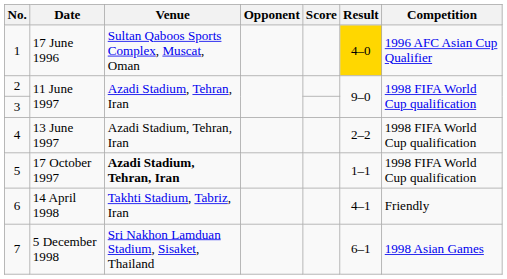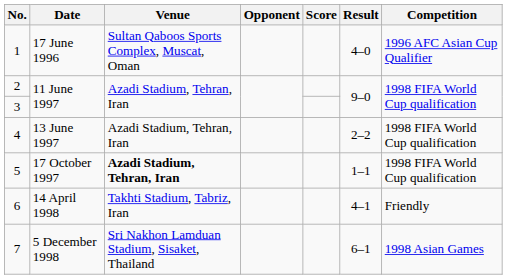 <table class="wikitable sortable">
 <tr>
 <th scope="col">No.</th>
 <th scope="col">Date</th>
 <th scope="col">Venue</th>
 <th scope="col">Opponent</th>
 <th scope="col">Score</th>
 <th scope="col">Result</th>
 <th scope="col">Competition</th>
 </tr>
 <tr>
 <td align="center">1</td>
 <td>17 June 1996</td>
 <td><a href='#'>Sultan Qaboos Sports Complex</a>, <a href='#'>Muscat</a>, Oman</td>
 <td></td>
 <td></td>
-<td align="center" style="background: gold;">4–0</td>
+<td align="center">4–0</td>
 <td><a href='#'>1996 AFC Asian Cup Qualifier</a></td>
 </tr>
 <tr>
 <td align="center">2</td>
 <td rowspan="2">11 June 1997</td>
 <td rowspan="2"><a href='#'>Azadi Stadium</a>, <a href='#'>Tehran</a>, Iran</td>
 <td rowspan="2"></td>
 <td></td>
 <td rowspan="2" style="text-align:center">9–0</td>
 <td rowspan="2"><a href='#'>1998 FIFA World Cup qualification</a></td>
 </tr>
 <tr>
 <td align="center">3</td>
 <td></td>
 </tr>
 <tr>
 <td align="center">4</td>
 <td>13 June 1997</td>
 <td>Azadi Stadium, Tehran, Iran</td>
 <td></td>
 <td></td>
 <td align="center">2–2</td>
 <td>1998 FIFA World Cup qualification</td>
 </tr>
 <tr>
 <td align="center">5</td>
 <td>17 October 1997</td>
 <td><strong>Azadi Stadium, Tehran, Iran</strong></td>
 <td></td>
 <td></td>
 <td align="center">1–1</td>
 <td>1998 FIFA World Cup qualification</td>
 </tr>
 <tr>
 <td align="center">6</td>
 <td>14 April 1998</td>
 <td><a href='#'>Takhti Stadium</a>, <a href='#'>Tabriz</a>, Iran</td>
 <td></td>
 <td></td>
 <td align="center">4–1</td>
 <td>Friendly</td>
 </tr>
 <tr>
 <td align="center">7</td>
 <td>5 December 1998</td>
 <td><a href='#'>Sri Nakhon Lamduan Stadium</a>, <a href='#'>Sisaket</a>, Thailand</td>
 <td></td>
 <td></td>
 <td align="center">6–1</td>
 <td><a href='#'>1998 Asian Games</a></td>
 </tr>
 </table>
